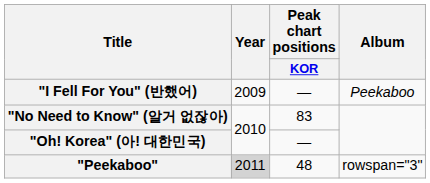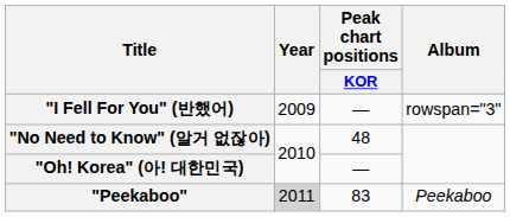 <table class="wikitable plainrowheaders" style="text-align:center;">
 <tr>
 <th rowspan="2" scope="col">Title</th>
 <th rowspan="2" scope="col">Year</th>
 <th scope="col">Peak chart positions</th>
 <th rowspan="2">Album</th>
 </tr>
 <tr>
 <th scope="col" style="width:2.2em;font-size:90%;"><a href='#'>KOR</a><br></th>
 </tr>
 <tr>
 <th scope="row">"I Fell For You" (반했어)</th>
 <td>2009</td>
 <td>—</td>
-<td><em>Peekaboo</em></td>
+<td>rowspan="3" </td>
 </tr>
 <tr>
 <th scope="row">"No Need to Know" (알거 없잖아)</th>
 <td rowspan="2">2010</td>
-<td>83</td>
+<td>48</td>
 </tr>
 <tr>
 <th scope="row">"Oh! Korea" (아! 대한민국)</th>
 <td>—</td>
 </tr>
 <tr>
 <th scope="row">"Peekaboo"</th>
 <td style="background: lightgrey;">2011</td>
-<td>48</td>
-<td>rowspan="3" </td>
+<td>83</td>
+<td><em>Peekaboo</em></td>
 </tr>
 </table>
